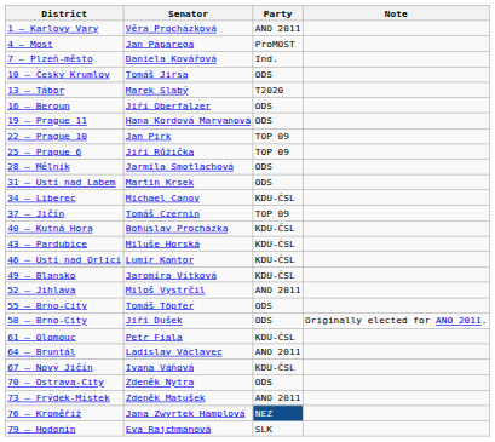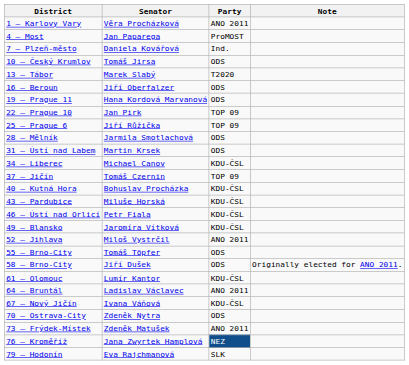 <table class="wikitable">
 <tr>
 <th>District</th>
 <th>Senator</th>
 <th>Party</th>
 <th>Note</th>
 </tr>
 <tr>
 <td><a href='#'>1 – Karlovy Vary</a></td>
 <td><a href='#'>Věra Procházková</a></td>
 <td style="background-color:">ANO 2011</td>
 <td></td>
 </tr>
 <tr>
 <td><a href='#'>4 – Most</a></td>
 <td><a href='#'>Jan Paparega</a></td>
 <td style="background:">ProMOST</td>
 <td></td>
 </tr>
 <tr>
 <td><a href='#'>7 – Plzeň-město</a></td>
 <td><a href='#'>Daniela Kovářová</a></td>
 <td style="background-color:">Ind.</td>
 <td></td>
 </tr>
 <tr>
 <td><a href='#'>10 – Český Krumlov</a></td>
 <td><a href='#'>Tomáš Jirsa</a></td>
 <td style="background-color:">ODS</td>
 <td></td>
 </tr>
 <tr>
 <td><a href='#'>13 – Tábor</a></td>
 <td><a href='#'>Marek Slabý</a></td>
 <td style="background:">T2020</td>
 <td></td>
 </tr>
 <tr>
 <td><a href='#'>16 – Beroun</a></td>
 <td><a href='#'>Jiří Oberfalzer</a></td>
 <td style="background-color:">ODS</td>
 <td></td>
 </tr>
 <tr>
 <td><a href='#'>19 – Prague 11</a></td>
 <td><a href='#'>Hana Kordová Marvanová</a></td>
 <td style="background-color:">ODS</td>
 <td></td>
 </tr>
 <tr>
 <td><a href='#'>22 – Prague 10</a></td>
 <td><a href='#'>Jan Pirk</a></td>
 <td style="background-color:">TOP 09</td>
 <td></td>
 </tr>
 <tr>
 <td><a href='#'>25 – Prague 6</a></td>
 <td><a href='#'>Jiří Růžička</a></td>
 <td style="background-color:">TOP 09</td>
 <td></td>
 </tr>
 <tr>
 <td><a href='#'>28 – Mělník</a></td>
 <td><a href='#'>Jarmila Smotlachová</a></td>
 <td style="background-color:">ODS</td>
 <td></td>
 </tr>
 <tr>
 <td><a href='#'>31 – Ústí nad Labem</a></td>
 <td><a href='#'>Martin Krsek</a></td>
 <td style="background-color:">ODS</td>
 <td></td>
 </tr>
 <tr>
 <td><a href='#'>34 – Liberec</a></td>
 <td><a href='#'>Michael Canov</a></td>
 <td style="background-color:">KDU-ČSL</td>
 <td></td>
 </tr>
 <tr>
 <td><a href='#'>37 – Jičín</a></td>
 <td><a href='#'>Tomáš Czernin</a></td>
 <td style="background-color:">TOP 09</td>
 <td></td>
 </tr>
 <tr>
 <td><a href='#'>40 – Kutná Hora</a></td>
 <td><a href='#'>Bohuslav Procházka</a></td>
 <td style="background-color:">KDU-ČSL</td>
 <td></td>
 </tr>
 <tr>
 <td><a href='#'>43 – Pardubice</a></td>
 <td><a href='#'>Miluše Horská</a></td>
 <td style="background-color:">KDU-ČSL</td>
 <td></td>
 </tr>
 <tr>
 <td><a href='#'>46 – Ústí nad Orlicí</a></td>
-<td><a href='#'>Lumír Kantor</a></td>
+<td><a href='#'>Petr Fiala</a></td>
 <td style="background-color:">KDU-ČSL</td>
 <td></td>
 </tr>
 <tr>
 <td><a href='#'>49 – Blansko</a></td>
 <td><a href='#'>Jaromíra Vítková</a></td>
 <td style="background-color:">KDU-ČSL</td>
 <td></td>
 </tr>
 <tr>
 <td><a href='#'>52 – Jihlava</a></td>
 <td><a href='#'>Miloš Vystrčil</a></td>
 <td style="background-color:">ANO 2011</td>
 <td></td>
 </tr>
 <tr>
 <td><a href='#'>55 – Brno-City</a></td>
 <td><a href='#'>Tomáš Töpfer</a></td>
 <td style="background-color:">ODS</td>
 <td></td>
 </tr>
 <tr>
 <td><a href='#'>58 – Brno-City</a></td>
 <td><a href='#'>Jiří Dušek</a></td>
 <td style="background-color:">ODS</td>
 <td>Originally elected for <a href='#'>ANO 2011</a>.</td>
 </tr>
 <tr>
 <td><a href='#'>61 – Olomouc</a></td>
-<td><a href='#'>Petr Fiala</a></td>
+<td><a href='#'>Lumír Kantor</a></td>
 <td style="background-color:">KDU-ČSL</td>
 <td></td>
 </tr>
 <tr>
 <td><a href='#'>64 – Bruntál</a></td>
 <td><a href='#'>Ladislav Václavec</a></td>
 <td style="background-color:">ANO 2011</td>
 <td></td>
 </tr>
 <tr>
 <td><a href='#'>67 – Nový Jičín</a></td>
 <td><a href='#'>Ivana Váňová</a></td>
 <td style="background-color:">KDU-ČSL</td>
 <td></td>
 </tr>
 <tr>
 <td><a href='#'>70 – Ostrava-City</a></td>
 <td><a href='#'>Zdeněk Nytra</a></td>
 <td style="background-color:">ODS</td>
 <td></td>
 </tr>
 <tr>
 <td><a href='#'>73 – Frýdek-Místek</a></td>
 <td><a href='#'>Zdeněk Matušek</a></td>
 <td style="background-color:">ANO 2011</td>
 <td></td>
 </tr>
 <tr>
 <td><a href='#'>76 – Kroměříž</a></td>
 <td><a href='#'>Jana Zwyrtek Hamplová</a></td>
 <td style="background:#104E8B; color:white">NEZ</td>
 <td></td>
 </tr>
 <tr>
 <td><a href='#'>79 – Hodonín</a></td>
 <td><a href='#'>Eva Rajchmanová</a></td>
 <td style="background-color:">SLK</td>
 <td></td>
 </tr>
 </table>
